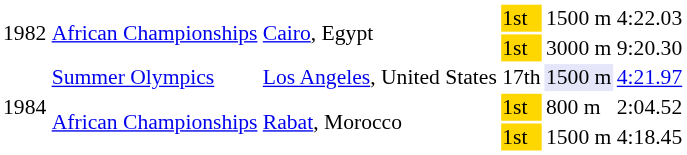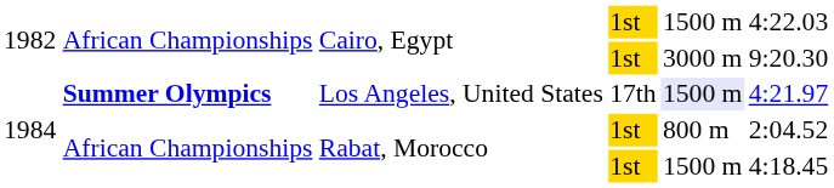 <table>
 <tr>
 <td rowspan=2>1982</td>
 <td rowspan=2><a href='#'>African Championships</a></td>
 <td rowspan=2><a href='#'>Cairo</a>, Egypt</td>
 <td bgcolor=gold>1st</td>
 <td>1500 m</td>
 <td>4:22.03</td>
 </tr>
 <tr>
 <td bgcolor=gold>1st</td>
 <td>3000 m</td>
 <td>9:20.30</td>
 </tr>
 <tr>
 <td rowspan=3>1984</td>
-<td><a href='#'>Summer Olympics</a></td>
+<td><strong><a href='#'>Summer Olympics</a></strong></td>
 <td><a href='#'>Los Angeles</a>, United States</td>
 <td>17th</td>
 <td style="background: lavender;">1500 m</td>
 <td><a href='#'>4:21.97</a></td>
 </tr>
 <tr>
 <td rowspan=2><a href='#'>African Championships</a></td>
 <td rowspan=2><a href='#'>Rabat</a>, Morocco</td>
 <td bgcolor=gold>1st</td>
 <td>800 m</td>
 <td>2:04.52</td>
 </tr>
 <tr>
 <td bgcolor=gold>1st</td>
 <td>1500 m</td>
 <td>4:18.45</td>
 </tr>
 <tr>
 </tr>
 </table>
